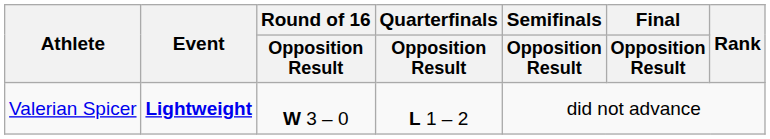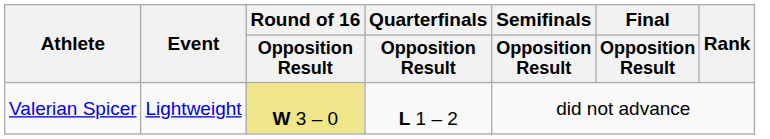 <table class="wikitable" style="font-size:90%;">
 <tr>
 <th rowspan=2>Athlete</th>
 <th rowspan=2>Event</th>
 <th>Round of 16</th>
 <th>Quarterfinals</th>
 <th>Semifinals</th>
 <th>Final</th>
 <th rowspan=2>Rank</th>
 </tr>
 <tr style="font-size:95%">
 <th>Opposition<br>Result</th>
 <th>Opposition<br>Result</th>
 <th>Opposition<br>Result</th>
 <th>Opposition<br>Result</th>
 </tr>
 <tr align=center>
 <td align=left><a href='#'>Valerian Spicer</a></td>
-<td align=left><strong><a href='#'>Lightweight</a></strong></td>
-<td><br><strong>W</strong> 3 – 0</td>
+<td align=left><a href='#'>Lightweight</a></td>
+<td style="background: khaki;"><br><strong>W</strong> 3 – 0</td>
 <td><br><strong>L</strong> 1 – 2</td>
 <td colspan=3>did not advance</td>
 </tr>
 </table>
